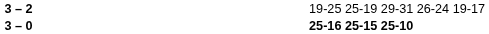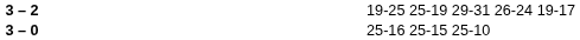 <table width=100% cellspacing=1>
 <tr>
 <th width=20%></th>
 <th width=12%></th>
 <th width=20%></th>
 <th width=33%></th>
 <td></td>
 </tr>
 <tr style=font-size:90%>
 <td align=right><strong></strong></td>
 <td align=center><strong>3 – 2</strong></td>
 <td></td>
 <td>19-25 25-19 29-31 26-24 19-17</td>
 <td></td>
 </tr>
 <tr style=font-size:90%>
 <td align=right><strong></strong></td>
 <td align=center><strong>3 – 0</strong></td>
 <td></td>
-<td><strong>25-16 25-15 25-10</strong></td>
+<td>25-16 25-15 25-10</td>
 </tr>
 </table>
